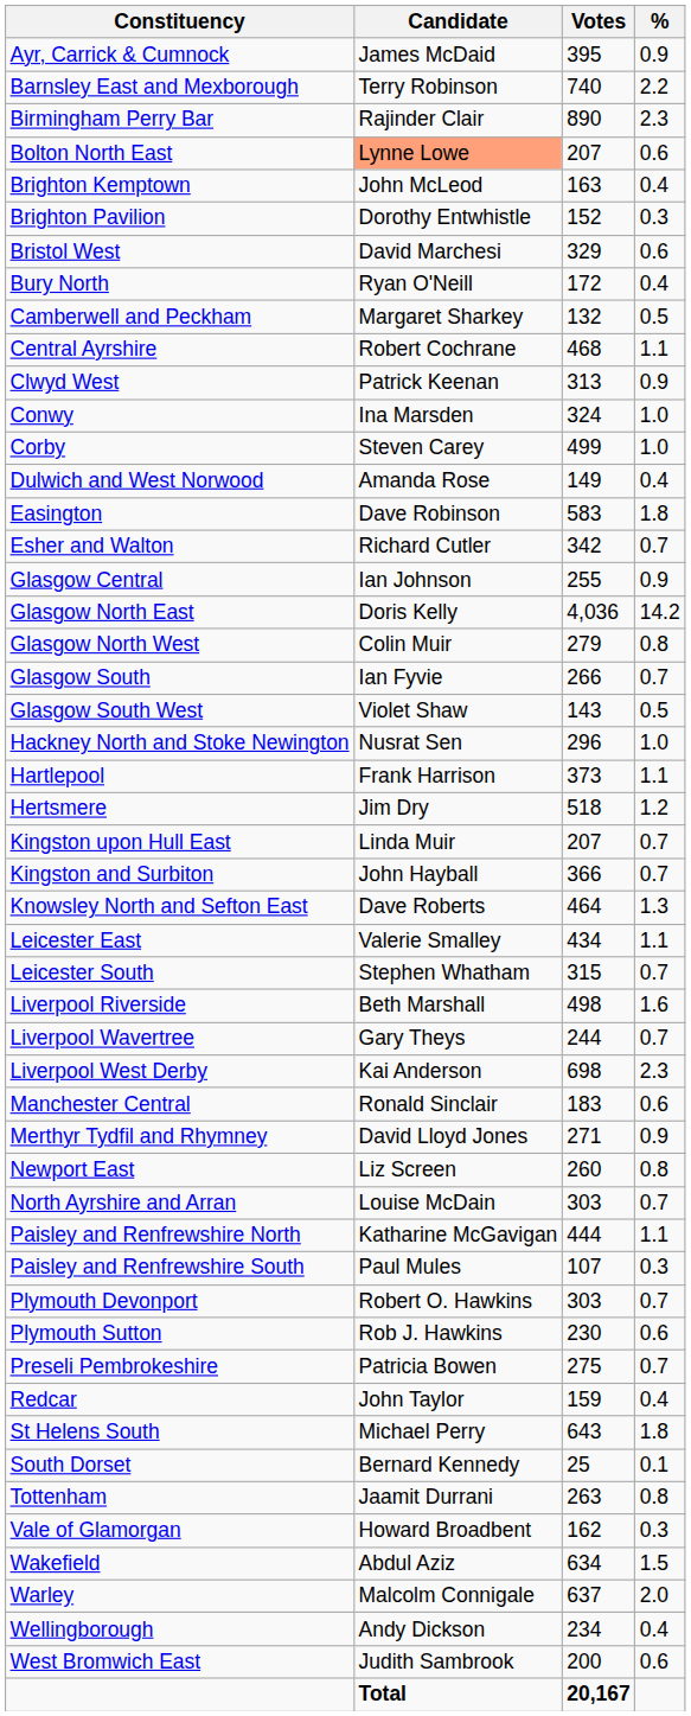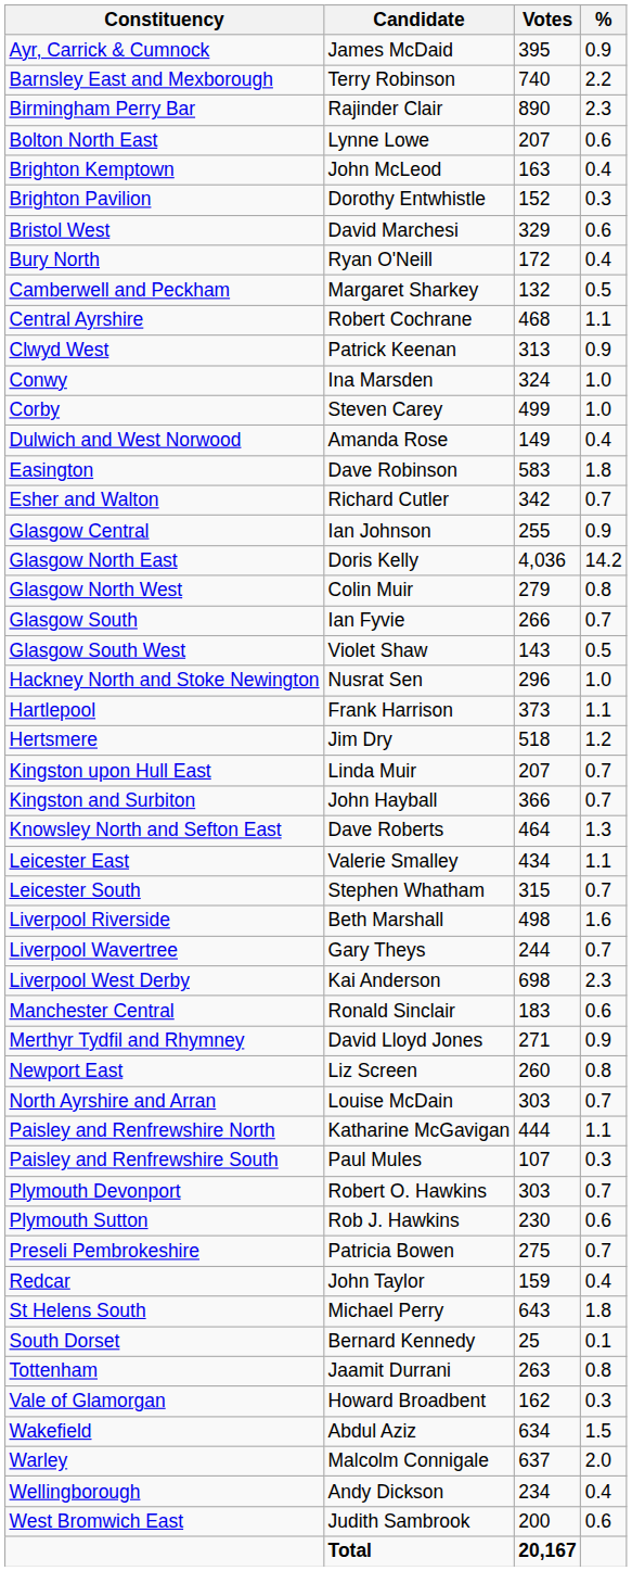 <table class="wikitable sortable">
 <tr>
 <th>Constituency</th>
 <th>Candidate</th>
 <th>Votes</th>
 <th>%</th>
 </tr>
 <tr>
 <td><a href='#'>Ayr, Carrick & Cumnock</a></td>
 <td>James McDaid</td>
 <td>395</td>
 <td>0.9</td>
 </tr>
 <tr>
 <td><a href='#'>Barnsley East and Mexborough</a></td>
 <td>Terry Robinson</td>
 <td>740</td>
 <td>2.2</td>
 </tr>
 <tr>
 <td><a href='#'>Birmingham Perry Bar</a></td>
 <td>Rajinder Clair</td>
 <td>890</td>
 <td>2.3</td>
 </tr>
 <tr>
 <td><a href='#'>Bolton North East</a></td>
-<td style="background: lightsalmon;">Lynne Lowe</td>
+<td>Lynne Lowe</td>
 <td>207</td>
 <td>0.6</td>
 </tr>
 <tr>
 <td><a href='#'>Brighton Kemptown</a></td>
 <td>John McLeod</td>
 <td>163</td>
 <td>0.4</td>
 </tr>
 <tr>
 <td><a href='#'>Brighton Pavilion</a></td>
 <td>Dorothy Entwhistle</td>
 <td>152</td>
 <td>0.3</td>
 </tr>
 <tr>
 <td><a href='#'>Bristol West</a></td>
 <td>David Marchesi</td>
 <td>329</td>
 <td>0.6</td>
 </tr>
 <tr>
 <td><a href='#'>Bury North</a></td>
 <td>Ryan O'Neill</td>
 <td>172</td>
 <td>0.4</td>
 </tr>
 <tr>
 <td><a href='#'>Camberwell and Peckham</a></td>
 <td>Margaret Sharkey</td>
 <td>132</td>
 <td>0.5</td>
 </tr>
 <tr>
 <td><a href='#'>Central Ayrshire</a></td>
 <td>Robert Cochrane</td>
 <td>468</td>
 <td>1.1</td>
 </tr>
 <tr>
 <td><a href='#'>Clwyd West</a></td>
 <td>Patrick Keenan</td>
 <td>313</td>
 <td>0.9</td>
 </tr>
 <tr>
 <td><a href='#'>Conwy</a></td>
 <td>Ina Marsden</td>
 <td>324</td>
 <td>1.0</td>
 </tr>
 <tr>
 <td><a href='#'>Corby</a></td>
 <td>Steven Carey</td>
 <td>499</td>
 <td>1.0</td>
 </tr>
 <tr>
 <td><a href='#'>Dulwich and West Norwood</a></td>
 <td>Amanda Rose</td>
 <td>149</td>
 <td>0.4</td>
 </tr>
 <tr>
 <td><a href='#'>Easington</a></td>
 <td>Dave Robinson</td>
 <td>583</td>
 <td>1.8</td>
 </tr>
 <tr>
 <td><a href='#'>Esher and Walton</a></td>
 <td>Richard Cutler</td>
 <td>342</td>
 <td>0.7</td>
 </tr>
 <tr>
 <td><a href='#'>Glasgow Central</a></td>
 <td>Ian Johnson</td>
 <td>255</td>
 <td>0.9</td>
 </tr>
 <tr>
 <td><a href='#'>Glasgow North East</a></td>
 <td>Doris Kelly</td>
 <td>4,036</td>
 <td>14.2</td>
 </tr>
 <tr>
 <td><a href='#'>Glasgow North West</a></td>
 <td>Colin Muir</td>
 <td>279</td>
 <td>0.8</td>
 </tr>
 <tr>
 <td><a href='#'>Glasgow South</a></td>
 <td>Ian Fyvie</td>
 <td>266</td>
 <td>0.7</td>
 </tr>
 <tr>
 <td><a href='#'>Glasgow South West</a></td>
 <td>Violet Shaw</td>
 <td>143</td>
 <td>0.5</td>
 </tr>
 <tr>
 <td><a href='#'>Hackney North and Stoke Newington</a></td>
 <td>Nusrat Sen</td>
 <td>296</td>
 <td>1.0</td>
 </tr>
 <tr>
 <td><a href='#'>Hartlepool</a></td>
 <td>Frank Harrison</td>
 <td>373</td>
 <td>1.1</td>
 </tr>
 <tr>
 <td><a href='#'>Hertsmere</a></td>
 <td>Jim Dry</td>
 <td>518</td>
 <td>1.2</td>
 </tr>
 <tr>
 <td><a href='#'>Kingston upon Hull East</a></td>
 <td>Linda Muir</td>
 <td>207</td>
 <td>0.7</td>
 </tr>
 <tr>
 <td><a href='#'>Kingston and Surbiton</a></td>
 <td>John Hayball</td>
 <td>366</td>
 <td>0.7</td>
 </tr>
 <tr>
 <td><a href='#'>Knowsley North and Sefton East</a></td>
 <td>Dave Roberts</td>
 <td>464</td>
 <td>1.3</td>
 </tr>
 <tr>
 <td><a href='#'>Leicester East</a></td>
 <td>Valerie Smalley</td>
 <td>434</td>
 <td>1.1</td>
 </tr>
 <tr>
 <td><a href='#'>Leicester South</a></td>
 <td>Stephen Whatham</td>
 <td>315</td>
 <td>0.7</td>
 </tr>
 <tr>
 <td><a href='#'>Liverpool Riverside</a></td>
 <td>Beth Marshall</td>
 <td>498</td>
 <td>1.6</td>
 </tr>
 <tr>
 <td><a href='#'>Liverpool Wavertree</a></td>
 <td>Gary Theys</td>
 <td>244</td>
 <td>0.7</td>
 </tr>
 <tr>
 <td><a href='#'>Liverpool West Derby</a></td>
 <td>Kai Anderson</td>
 <td>698</td>
 <td>2.3</td>
 </tr>
 <tr>
 <td><a href='#'>Manchester Central</a></td>
 <td>Ronald Sinclair</td>
 <td>183</td>
 <td>0.6</td>
 </tr>
 <tr>
 <td><a href='#'>Merthyr Tydfil and Rhymney</a></td>
 <td>David Lloyd Jones</td>
 <td>271</td>
 <td>0.9</td>
 </tr>
 <tr>
 <td><a href='#'>Newport East</a></td>
 <td>Liz Screen</td>
 <td>260</td>
 <td>0.8</td>
 </tr>
 <tr>
 <td><a href='#'>North Ayrshire and Arran</a></td>
 <td>Louise McDain</td>
 <td>303</td>
 <td>0.7</td>
 </tr>
 <tr>
 <td><a href='#'>Paisley and Renfrewshire North</a></td>
 <td>Katharine McGavigan</td>
 <td>444</td>
 <td>1.1</td>
 </tr>
 <tr>
 <td><a href='#'>Paisley and Renfrewshire South</a></td>
 <td>Paul Mules</td>
 <td>107</td>
 <td>0.3</td>
 </tr>
 <tr>
 <td><a href='#'>Plymouth Devonport</a></td>
 <td>Robert O. Hawkins</td>
 <td>303</td>
 <td>0.7</td>
 </tr>
 <tr>
 <td><a href='#'>Plymouth Sutton</a></td>
 <td>Rob J. Hawkins</td>
 <td>230</td>
 <td>0.6</td>
 </tr>
 <tr>
 <td><a href='#'>Preseli Pembrokeshire</a></td>
 <td>Patricia Bowen</td>
 <td>275</td>
 <td>0.7</td>
 </tr>
 <tr>
 <td><a href='#'>Redcar</a></td>
 <td>John Taylor</td>
 <td>159</td>
 <td>0.4</td>
 </tr>
 <tr>
 <td><a href='#'>St Helens South</a></td>
 <td>Michael Perry</td>
 <td>643</td>
 <td>1.8</td>
 </tr>
 <tr>
 <td><a href='#'>South Dorset</a></td>
 <td>Bernard Kennedy</td>
 <td>25</td>
 <td>0.1</td>
 </tr>
 <tr>
 <td><a href='#'>Tottenham</a></td>
 <td>Jaamit Durrani</td>
 <td>263</td>
 <td>0.8</td>
 </tr>
 <tr>
 <td><a href='#'>Vale of Glamorgan</a></td>
 <td>Howard Broadbent</td>
 <td>162</td>
 <td>0.3</td>
 </tr>
 <tr>
 <td><a href='#'>Wakefield</a></td>
 <td>Abdul Aziz</td>
 <td>634</td>
 <td>1.5</td>
 </tr>
 <tr>
 <td><a href='#'>Warley</a></td>
 <td>Malcolm Connigale</td>
 <td>637</td>
 <td>2.0</td>
 </tr>
 <tr>
 <td><a href='#'>Wellingborough</a></td>
 <td>Andy Dickson</td>
 <td>234</td>
 <td>0.4</td>
 </tr>
 <tr>
 <td><a href='#'>West Bromwich East</a></td>
 <td>Judith Sambrook</td>
 <td>200</td>
 <td>0.6</td>
 </tr>
 <tr>
 <td></td>
 <td><strong>Total</strong></td>
 <td><strong>20,167</strong></td>
 <td></td>
 </tr>
 </table>
